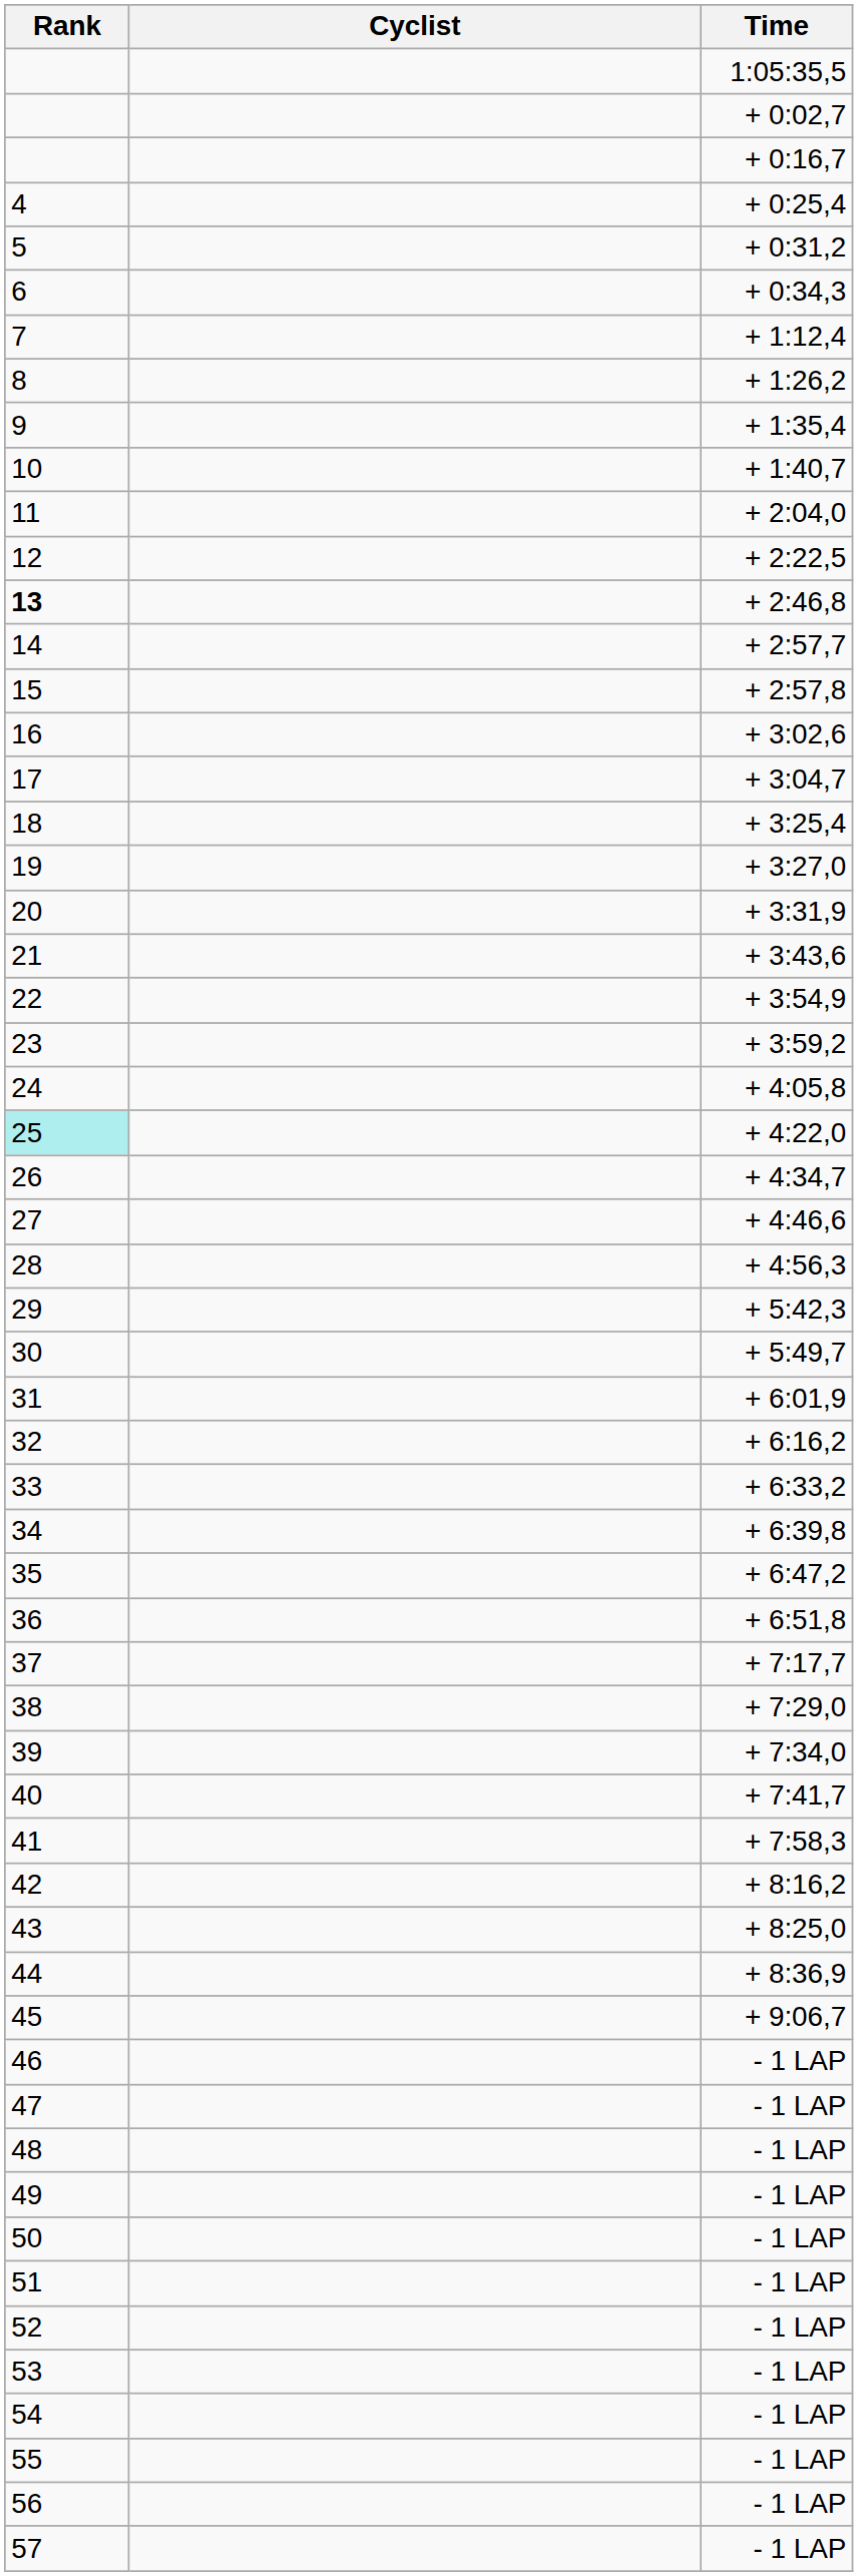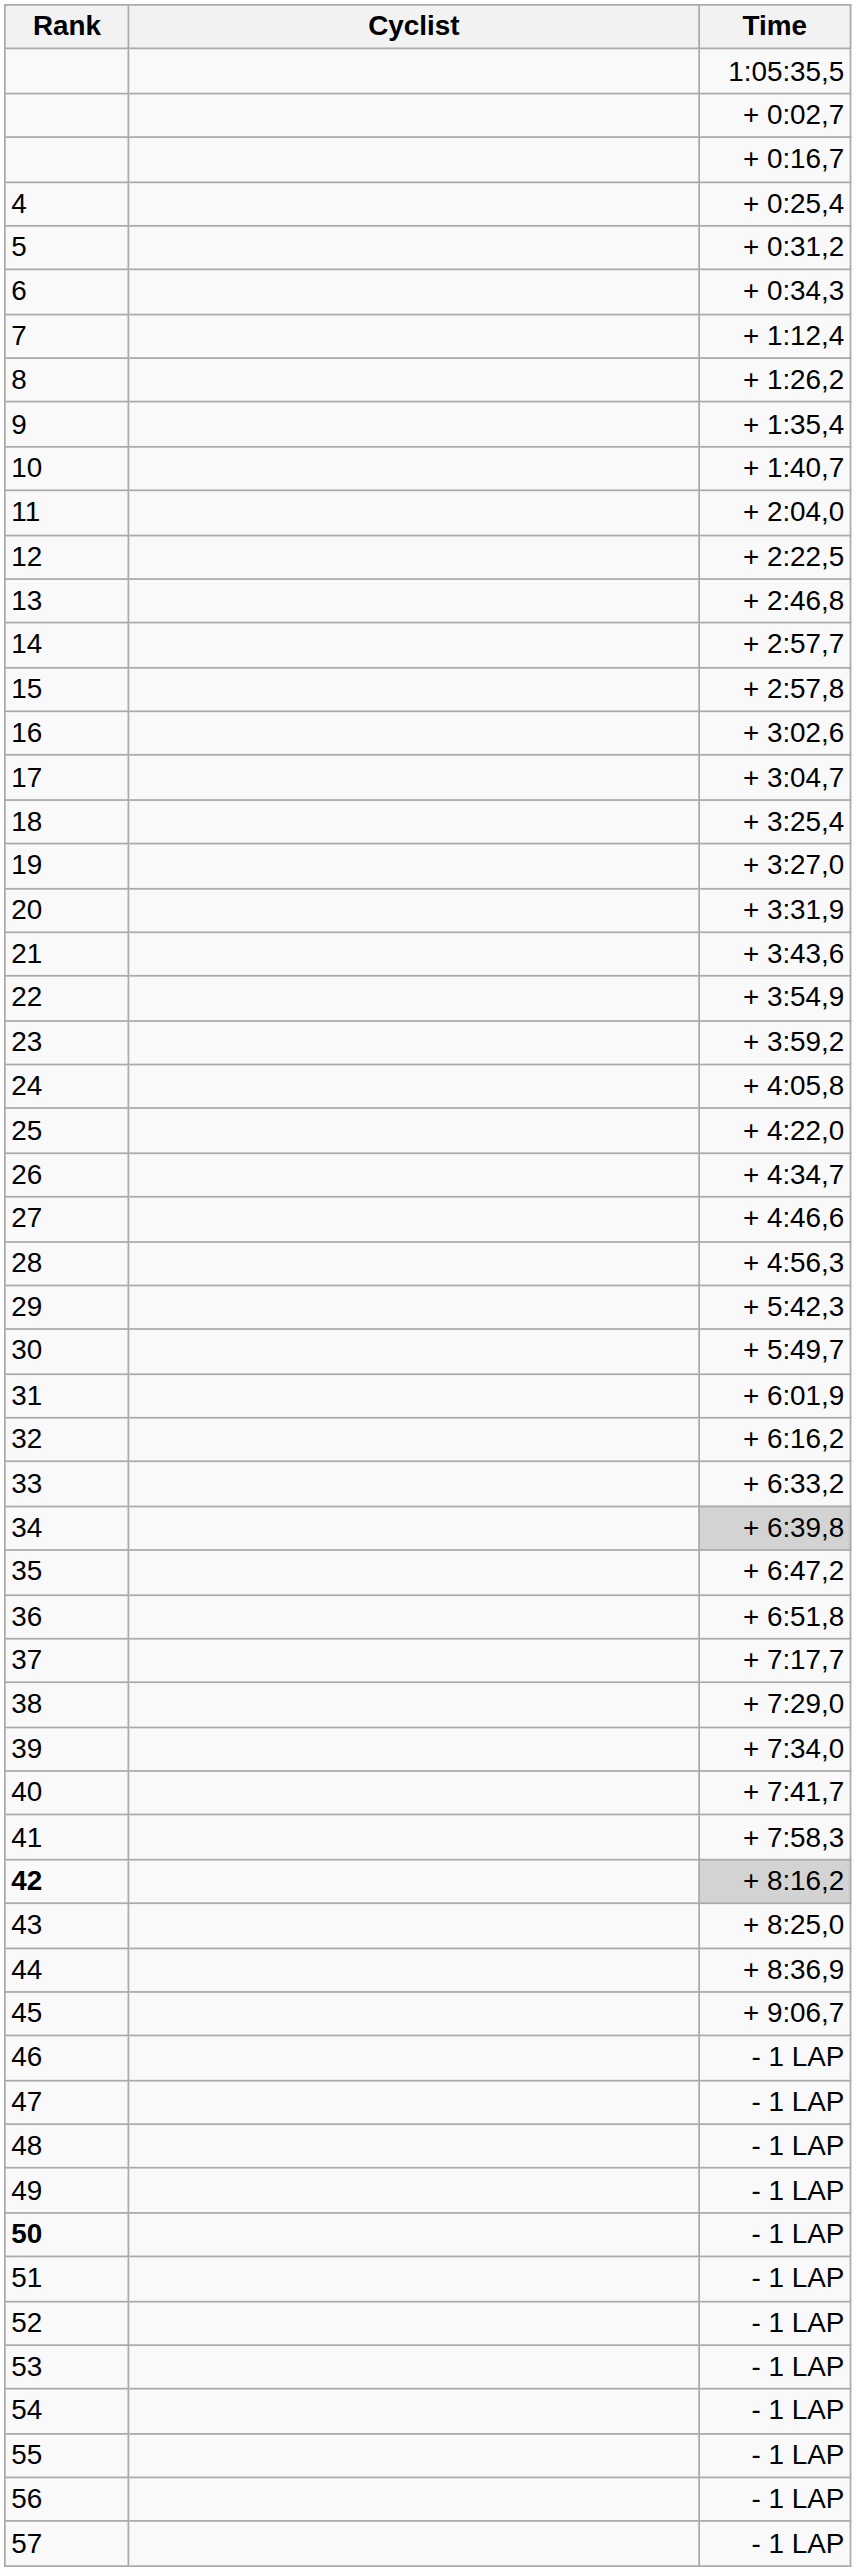 <table class="wikitable">
 <tr>
 <th style="width: 4em;">Rank</th>
 <th style="width: 20em;">Cyclist</th>
 <th style="width: 5em;">Time</th>
 </tr>
 <tr>
 <td></td>
 <td></td>
 <td align="right">1:05:35,5</td>
 </tr>
 <tr>
 <td></td>
 <td></td>
 <td align="right">+ 0:02,7</td>
 </tr>
 <tr>
 <td></td>
 <td></td>
 <td align="right">+ 0:16,7</td>
 </tr>
 <tr>
 <td>4</td>
 <td></td>
 <td align="right">+ 0:25,4</td>
 </tr>
 <tr>
 <td>5</td>
 <td></td>
 <td align="right">+ 0:31,2</td>
 </tr>
 <tr>
 <td>6</td>
 <td></td>
 <td align="right">+ 0:34,3</td>
 </tr>
 <tr>
 <td>7</td>
 <td></td>
 <td align="right">+ 1:12,4</td>
 </tr>
 <tr>
 <td>8</td>
 <td></td>
 <td align="right">+ 1:26,2</td>
 </tr>
 <tr>
 <td>9</td>
 <td></td>
 <td align="right">+ 1:35,4</td>
 </tr>
 <tr>
 <td>10</td>
 <td></td>
 <td align="right">+ 1:40,7</td>
 </tr>
 <tr>
 <td>11</td>
 <td></td>
 <td align="right">+ 2:04,0</td>
 </tr>
 <tr>
 <td>12</td>
 <td></td>
 <td align="right">+ 2:22,5</td>
 </tr>
 <tr>
-<td><strong>13</strong></td>
+<td>13</td>
 <td></td>
 <td align="right">+ 2:46,8</td>
 </tr>
 <tr>
 <td>14</td>
 <td></td>
 <td align="right">+ 2:57,7</td>
 </tr>
 <tr>
 <td>15</td>
 <td></td>
 <td align="right">+ 2:57,8</td>
 </tr>
 <tr>
 <td>16</td>
 <td></td>
 <td align="right">+ 3:02,6</td>
 </tr>
 <tr>
 <td>17</td>
 <td></td>
 <td align="right">+ 3:04,7</td>
 </tr>
 <tr>
 <td>18</td>
 <td></td>
 <td align="right">+ 3:25,4</td>
 </tr>
 <tr>
 <td>19</td>
 <td></td>
 <td align="right">+ 3:27,0</td>
 </tr>
 <tr>
 <td>20</td>
 <td></td>
 <td align="right">+ 3:31,9</td>
 </tr>
 <tr>
 <td>21</td>
 <td></td>
 <td align="right">+ 3:43,6</td>
 </tr>
 <tr>
 <td>22</td>
 <td></td>
 <td align="right">+ 3:54,9</td>
 </tr>
 <tr>
 <td>23</td>
 <td></td>
 <td align="right">+ 3:59,2</td>
 </tr>
 <tr>
 <td>24</td>
 <td></td>
 <td align="right">+ 4:05,8</td>
 </tr>
 <tr>
-<td style="background: paleturquoise;">25</td>
+<td>25</td>
 <td></td>
 <td align="right">+ 4:22,0</td>
 </tr>
 <tr>
 <td>26</td>
 <td></td>
 <td align="right">+ 4:34,7</td>
 </tr>
 <tr>
 <td>27</td>
 <td></td>
 <td align="right">+ 4:46,6</td>
 </tr>
 <tr>
 <td>28</td>
 <td></td>
 <td align="right">+ 4:56,3</td>
 </tr>
 <tr>
 <td>29</td>
 <td></td>
 <td align="right">+ 5:42,3</td>
 </tr>
 <tr>
 <td>30</td>
 <td></td>
 <td align="right">+ 5:49,7</td>
 </tr>
 <tr>
 <td>31</td>
 <td></td>
 <td align="right">+ 6:01,9</td>
 </tr>
 <tr>
 <td>32</td>
 <td></td>
 <td align="right">+ 6:16,2</td>
 </tr>
 <tr>
 <td>33</td>
 <td></td>
 <td align="right">+ 6:33,2</td>
 </tr>
 <tr>
 <td>34</td>
 <td></td>
-<td align="right">+ 6:39,8</td>
+<td align="right" style="background: lightgrey;">+ 6:39,8</td>
 </tr>
 <tr>
 <td>35</td>
 <td></td>
 <td align="right">+ 6:47,2</td>
 </tr>
 <tr>
 <td>36</td>
 <td></td>
 <td align="right">+ 6:51,8</td>
 </tr>
 <tr>
 <td>37</td>
 <td></td>
 <td align="right">+ 7:17,7</td>
 </tr>
 <tr>
 <td>38</td>
 <td></td>
 <td align="right">+ 7:29,0</td>
 </tr>
 <tr>
 <td>39</td>
 <td></td>
 <td align="right">+ 7:34,0</td>
 </tr>
 <tr>
 <td>40</td>
 <td></td>
 <td align="right">+ 7:41,7</td>
 </tr>
 <tr>
 <td>41</td>
 <td></td>
 <td align="right">+ 7:58,3</td>
 </tr>
 <tr>
-<td>42</td>
+<td><strong>42</strong></td>
 <td></td>
-<td align="right">+ 8:16,2</td>
+<td align="right" style="background: lightgrey;">+ 8:16,2</td>
 </tr>
 <tr>
 <td>43</td>
 <td></td>
 <td align="right">+ 8:25,0</td>
 </tr>
 <tr>
 <td>44</td>
 <td></td>
 <td align="right">+ 8:36,9</td>
 </tr>
 <tr>
 <td>45</td>
 <td></td>
 <td align="right">+ 9:06,7</td>
 </tr>
 <tr>
 <td>46</td>
 <td></td>
 <td align="right">- 1 LAP</td>
 </tr>
 <tr>
 <td>47</td>
 <td></td>
 <td align="right">- 1 LAP</td>
 </tr>
 <tr>
 <td>48</td>
 <td></td>
 <td align="right">- 1 LAP</td>
 </tr>
 <tr>
 <td>49</td>
 <td></td>
 <td align="right">- 1 LAP</td>
 </tr>
 <tr>
-<td>50</td>
+<td><strong>50</strong></td>
 <td></td>
 <td align="right">- 1 LAP</td>
 </tr>
 <tr>
 <td>51</td>
 <td></td>
 <td align="right">- 1 LAP</td>
 </tr>
 <tr>
 <td>52</td>
 <td></td>
 <td align="right">- 1 LAP</td>
 </tr>
 <tr>
 <td>53</td>
 <td></td>
 <td align="right">- 1 LAP</td>
 </tr>
 <tr>
 <td>54</td>
 <td></td>
 <td align="right">- 1 LAP</td>
 </tr>
 <tr>
 <td>55</td>
 <td></td>
 <td align="right">- 1 LAP</td>
 </tr>
 <tr>
 <td>56</td>
 <td></td>
 <td align="right">- 1 LAP</td>
 </tr>
 <tr>
 <td>57</td>
 <td></td>
 <td align="right">- 1 LAP</td>
 </tr>
 </table>
